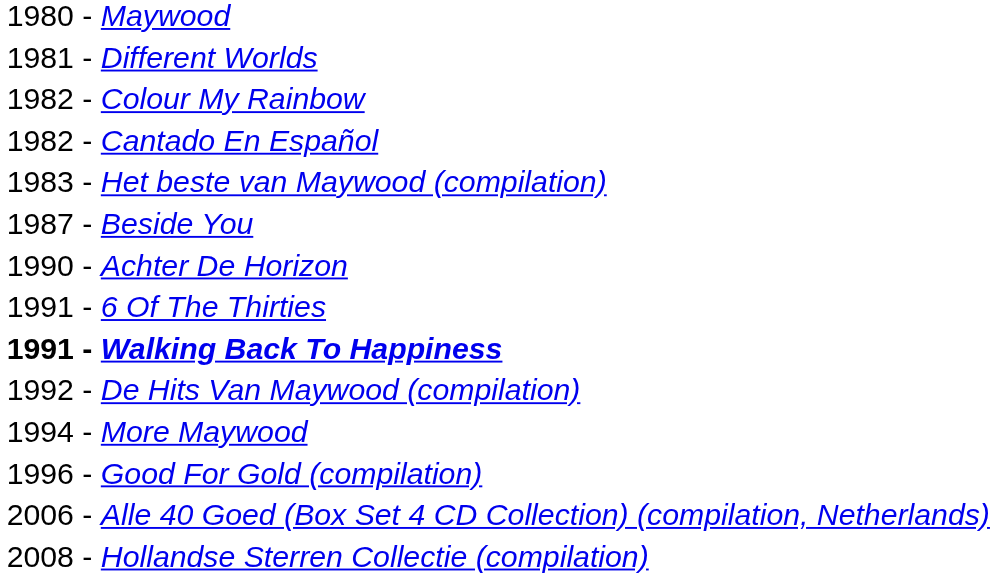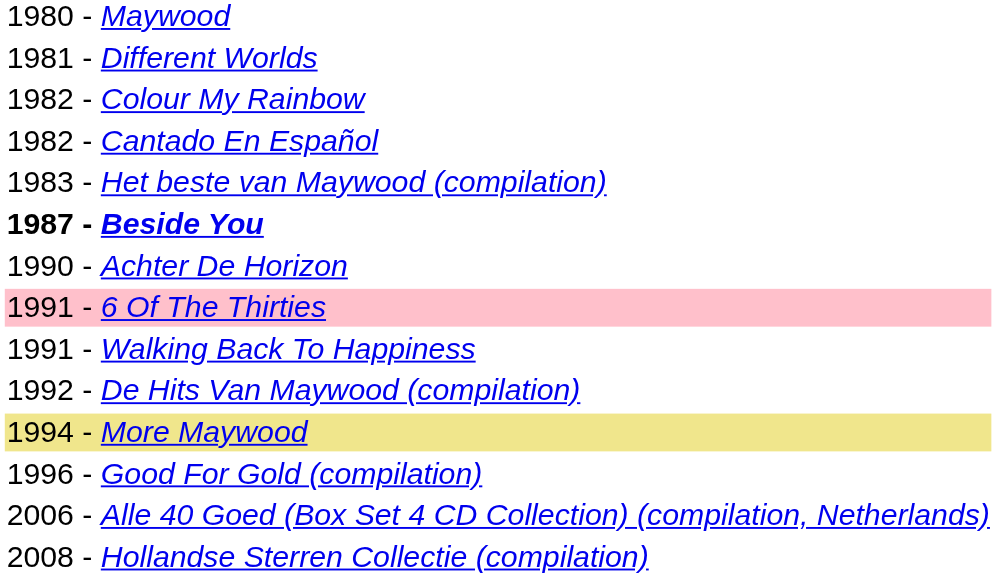 <table>
 <tr>
 <td>1980 - <em><a href='#'>Maywood</a></em></td>
 </tr>
 <tr>
 <td>1981 - <em><a href='#'>Different Worlds</a></em></td>
 </tr>
 <tr>
 <td>1982 - <em><a href='#'>Colour My Rainbow</a></em></td>
 </tr>
 <tr>
 <td>1982 - <em><a href='#'>Cantado En Español</a></em></td>
 </tr>
 <tr>
 <td>1983 - <em><a href='#'>Het beste van Maywood (compilation)</a></em></td>
 </tr>
 <tr>
-<td>1987 - <em><a href='#'>Beside You</a></em></td>
+<td><strong>1987 - <em><a href='#'>Beside You</a></em></strong></td>
 </tr>
 <tr>
 <td>1990 - <em><a href='#'>Achter De Horizon</a></em></td>
 </tr>
 <tr>
-<td>1991 - <em><a href='#'>6 Of The Thirties</a></em></td>
+<td style="background: pink;">1991 - <em><a href='#'>6 Of The Thirties</a></em></td>
 </tr>
 <tr>
-<td><strong>1991 - <em><a href='#'>Walking Back To Happiness</a></em></strong></td>
+<td>1991 - <em><a href='#'>Walking Back To Happiness</a></em></td>
 </tr>
 <tr>
 <td>1992 - <em><a href='#'>De Hits Van Maywood (compilation)</a></em></td>
 </tr>
 <tr>
-<td>1994 - <em><a href='#'>More Maywood</a></em></td>
+<td style="background: khaki;">1994 - <em><a href='#'>More Maywood</a></em></td>
 </tr>
 <tr>
 <td>1996 - <em><a href='#'>Good For Gold (compilation)</a></em></td>
 </tr>
 <tr>
 <td>2006 - <em><a href='#'>Alle 40 Goed (Box Set 4 CD Collection) (compilation, Netherlands)</a></em></td>
 </tr>
 <tr>
 <td>2008 - <em><a href='#'>Hollandse Sterren Collectie (compilation)</a></em></td>
 </tr>
 <tr>
 </tr>
 </table>
